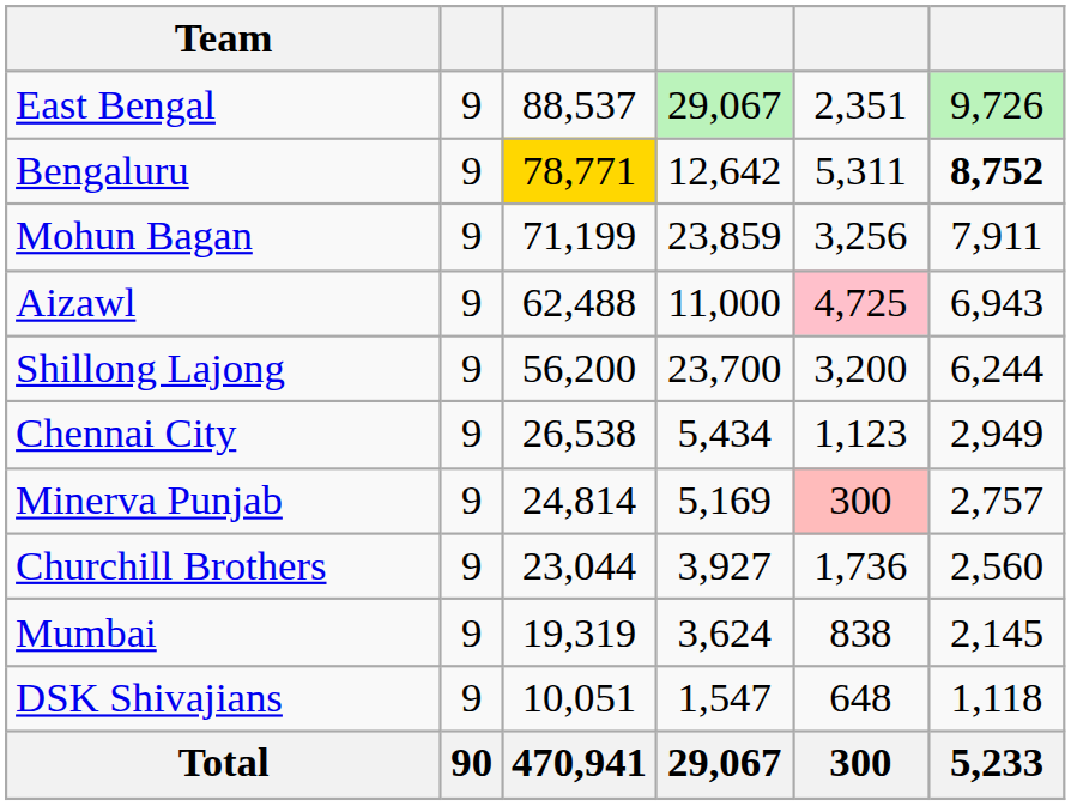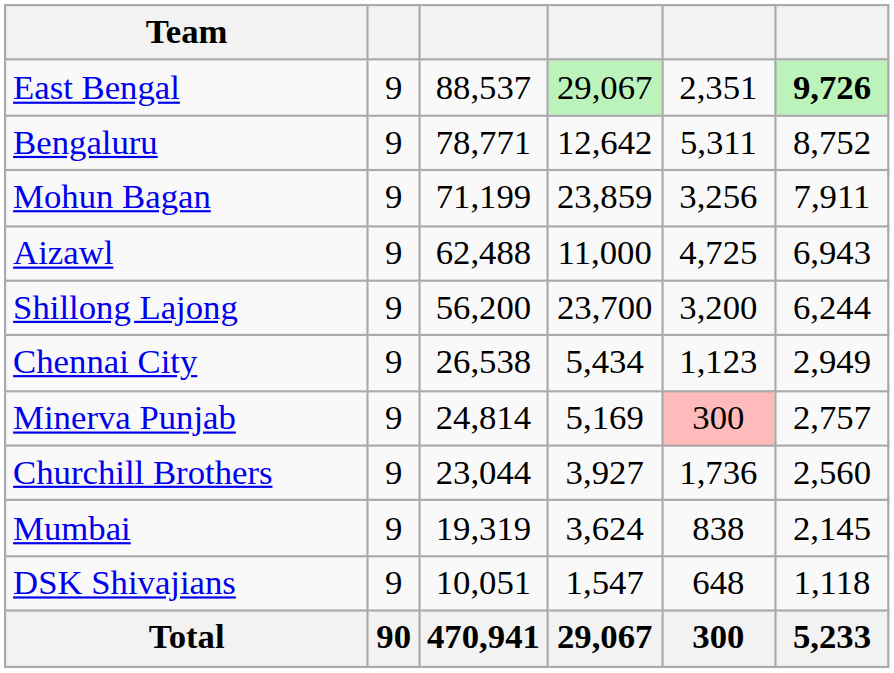 <table class="wikitable sortable">
 <tr>
 <th width=160>Team</th>
 <th></th>
 <th width=45></th>
 <th width=45></th>
 <th width=45></th>
 <th width=45></th>
 </tr>
 <tr>
 <td><a href='#'>East Bengal</a></td>
 <td align=center>9</td>
 <td align=center>88,537</td>
 <td align=center bgcolor="#BBF3BB">29,067</td>
 <td align=center>2,351</td>
-<td align="center" bgcolor="#BBF3BB">9,726<br></td>
+<td align="center" bgcolor="#BBF3BB"><strong>9,726<br></strong></td>
 </tr>
 <tr>
 <td><a href='#'>Bengaluru</a></td>
 <td align=center>9</td>
-<td align=center style="background: gold;">78,771</td>
+<td align=center>78,771</td>
 <td align=center>12,642</td>
 <td align=center>5,311</td>
-<td align=center align=center><strong>8,752<br></strong></td>
+<td align=center align=center>8,752<br></td>
 </tr>
 <tr>
 <td><a href='#'>Mohun Bagan</a></td>
 <td align=center>9</td>
 <td align=center>71,199</td>
 <td align=center>23,859</td>
 <td align=center>3,256</td>
 <td align=center>7,911<br></td>
 </tr>
 <tr>
 <td><a href='#'>Aizawl</a></td>
 <td align=center>9</td>
 <td align=center>62,488</td>
 <td align=center>11,000</td>
-<td align=center style="background: pink;">4,725</td>
+<td align=center>4,725</td>
 <td align=center>6,943<br></td>
 </tr>
 <tr>
 <td><a href='#'>Shillong Lajong</a></td>
 <td align=center>9</td>
 <td align=center>56,200</td>
 <td align=center>23,700</td>
 <td align=center>3,200</td>
 <td align=center>6,244<br></td>
 </tr>
 <tr>
 <td><a href='#'>Chennai City</a></td>
 <td align=center>9</td>
 <td align=center>26,538</td>
 <td align=center>5,434</td>
 <td align=center>1,123</td>
 <td align=center>2,949<br></td>
 </tr>
 <tr>
 <td><a href='#'>Minerva Punjab</a></td>
 <td align=center>9</td>
 <td align=center>24,814</td>
 <td align=center>5,169</td>
 <td align=center bgcolor="#FFBBBB">300</td>
 <td align=center>2,757<br></td>
 </tr>
 <tr>
 <td><a href='#'>Churchill Brothers</a></td>
 <td align=center>9</td>
 <td align=center>23,044</td>
 <td align=center>3,927</td>
 <td align=center>1,736</td>
 <td align=center>2,560<br></td>
 </tr>
 <tr>
 <td><a href='#'>Mumbai</a></td>
 <td align=center>9</td>
 <td align=center>19,319</td>
 <td align=center>3,624</td>
 <td align=center>838</td>
 <td align=center>2,145<br></td>
 </tr>
 <tr>
 <td><a href='#'>DSK Shivajians</a></td>
 <td align=center>9</td>
 <td align=center>10,051</td>
 <td align=center>1,547</td>
 <td align=center>648</td>
 <td align=center>1,118<br></td>
 </tr>
 <tr>
 <th>Total</th>
 <th align=center>90</th>
 <th align=center>470,941</th>
 <th align=center>29,067</th>
 <th align=center>300</th>
 <th align=center>5,233</th>
 </tr>
 </table>
